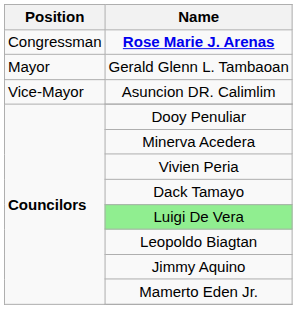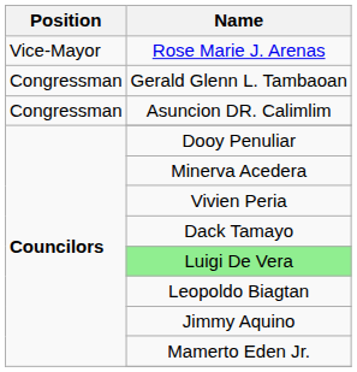 <table class="wikitable" style="line-height:1.20em; font-size:100%;">
 <tr>
 <th>Position</th>
 <th>Name</th>
 </tr>
 <tr>
-<td>Congressman</td>
-<td style="text-align:center;"><strong><a href='#'>Rose Marie J. Arenas</a></strong></td>
+<td>Vice-Mayor</td>
+<td style="text-align:center;"><a href='#'>Rose Marie J. Arenas</a></td>
 </tr>
 <tr>
-<td>Mayor</td>
+<td>Congressman</td>
 <td style="text-align:center;">Gerald Glenn L. Tambaoan</td>
 </tr>
 <tr>
-<td>Vice-Mayor</td>
+<td>Congressman</td>
 <td style="text-align:center;">Asuncion DR. Calimlim</td>
 </tr>
 <tr>
 <td rowspan=13><strong>Councilors</strong></td>
 </tr>
 <tr>
 <td style="text-align:center;">Dooy Penuliar</td>
 </tr>
 <tr>
 <td style="text-align:center;">Minerva Acedera</td>
 </tr>
 <tr>
 <td style="text-align:center;">Vivien Peria</td>
 </tr>
 <tr>
 <td style="text-align:center;">Dack Tamayo</td>
 </tr>
 <tr>
 <td style="background: lightgreen; text-align:center;">Luigi De Vera</td>
 </tr>
 <tr>
 <td style="text-align:center;">Leopoldo Biagtan</td>
 </tr>
 <tr>
 <td style="text-align:center;">Jimmy Aquino</td>
 </tr>
 <tr>
 <td style="text-align:center;">Mamerto Eden Jr.</td>
 </tr>
 <tr>
 </tr>
 </table>
